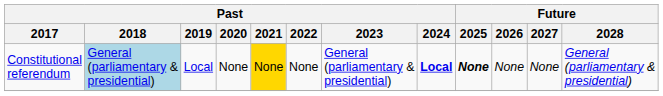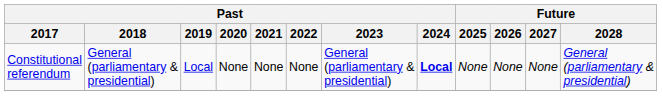 <table class="wikitable">
 <tr>
 <th colspan="8">Past</th>
 <th colspan="4">Future</th>
 </tr>
 <tr>
 <th>2017</th>
 <th>2018</th>
 <th>2019</th>
 <th>2020</th>
 <th>2021</th>
 <th>2022</th>
 <th>2023</th>
 <th>2024</th>
 <th>2025</th>
 <th>2026</th>
 <th>2027</th>
 <th>2028</th>
 </tr>
 <tr>
 <td><a href='#'>Constitutional<br>referendum</a></td>
-<td style="background: lightblue;"><a href='#'>General</a><br>(<a href='#'>parliamentary</a> & <br><a href='#'>presidential</a>)</td>
+<td><a href='#'>General</a><br>(<a href='#'>parliamentary</a> & <br><a href='#'>presidential</a>)</td>
 <td><a href='#'>Local</a></td>
 <td>None</td>
-<td style="background: gold;">None</td>
+<td>None</td>
 <td>None</td>
 <td><a href='#'>General</a><br>(<a href='#'>parliamentary</a> & <br><a href='#'>presidential</a>)</td>
 <td><strong><a href='#'>Local</a></strong></td>
-<td><strong><em>None</em></strong></td>
+<td><em>None</em></td>
 <td><em>None</em></td>
 <td><em>None</em></td>
 <td><em><a href='#'>General</a><br>(<a href='#'>parliamentary</a> & <br><a href='#'>presidential</a>)</em></td>
 </tr>
 <tr>
 </tr>
 </table>
